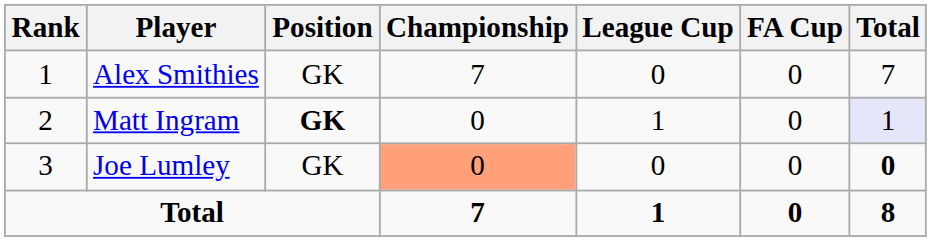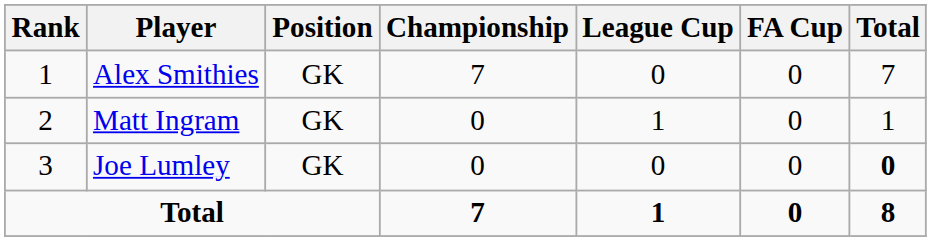 <table class="wikitable">
 <tr>
 <th>Rank</th>
 <th>Player</th>
 <th>Position</th>
 <th>Championship</th>
 <th>League Cup</th>
 <th>FA Cup</th>
 <th>Total</th>
 </tr>
 <tr>
 <td align=center valign=top rowspan=1>1</td>
 <td> <a href='#'>Alex Smithies</a></td>
 <td align=center>GK</td>
 <td align=center>7</td>
 <td align=center>0</td>
 <td align=center>0</td>
 <td align=center>7</td>
 </tr>
 <tr>
 <td align=center valign=top rowspan=1>2</td>
 <td> <a href='#'>Matt Ingram</a></td>
-<td align=center><strong>GK</strong></td>
+<td align=center>GK</td>
 <td align=center>0</td>
 <td align=center>1</td>
 <td align=center>0</td>
-<td align=center style="background: lavender;">1</td>
+<td align=center>1</td>
 </tr>
 <tr>
 <td align=center valign=top rowspan=1>3</td>
 <td> <a href='#'>Joe Lumley</a></td>
 <td align=center>GK</td>
-<td align=center style="background: lightsalmon;">0</td>
+<td align=center>0</td>
 <td align=center>0</td>
 <td align=center>0</td>
 <td align=center><strong>0</strong></td>
 </tr>
 <tr>
 <td align=center colspan=3><strong>Total</strong></td>
 <td align=center><strong>7</strong></td>
 <td align=center><strong>1</strong></td>
 <td align=center><strong>0</strong></td>
 <td align=center><strong>8</strong></td>
 </tr>
 </table>
